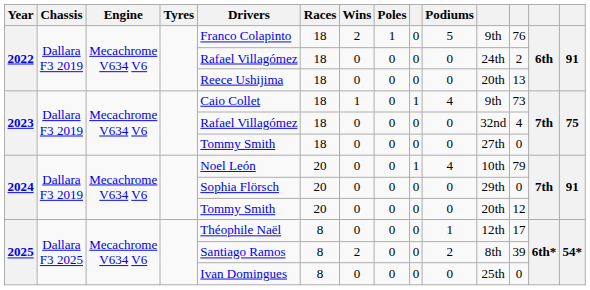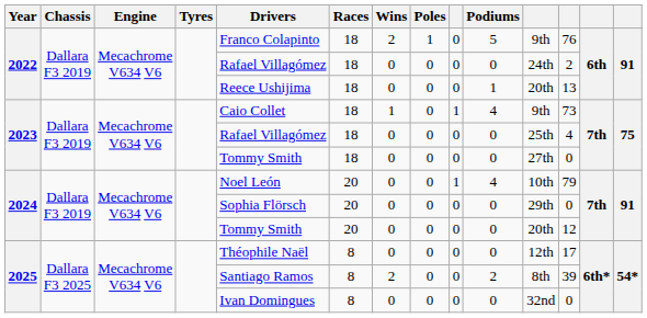 <table class="wikitable" style="text-align:center; font-size:85%">
 <tr>
 <th>Year</th>
 <th>Chassis</th>
 <th>Engine</th>
 <th>Tyres</th>
 <th>Drivers</th>
 <th>Races</th>
 <th>Wins</th>
 <th>Poles</th>
 <th></th>
 <th>Podiums</th>
 <th></th>
 <th></th>
 <th></th>
 <th></th>
 </tr>
 <tr>
 <th rowspan=3><a href='#'>2022</a></th>
 <td rowspan=3><a href='#'>Dallara</a><br><a href='#'>F3 2019</a></td>
 <td rowspan=3><a href='#'>Mecachrome</a><br><a href='#'>V634</a> <a href='#'>V6</a></td>
 <td rowspan=3></td>
 <td align=left nowrap> <a href='#'>Franco Colapinto</a></td>
 <td>18</td>
 <td>2</td>
 <td>1</td>
 <td>0</td>
 <td>5</td>
 <td>9th</td>
 <td>76</td>
 <th rowspan=3>6th</th>
 <th rowspan=3>91</th>
 </tr>
 <tr>
 <td align=left nowrap> <a href='#'>Rafael Villagómez</a></td>
 <td>18</td>
 <td>0</td>
 <td>0</td>
 <td>0</td>
 <td>0</td>
 <td>24th</td>
 <td>2</td>
 </tr>
 <tr>
 <td align=left nowrap> <a href='#'>Reece Ushijima</a></td>
 <td>18</td>
 <td>0</td>
 <td>0</td>
 <td>0</td>
-<td>0</td>
+<td>1</td>
 <td>20th</td>
 <td>13</td>
 </tr>
 <tr>
 <th rowspan=3><a href='#'>2023</a></th>
 <td rowspan=3><a href='#'>Dallara</a><br><a href='#'>F3 2019</a></td>
 <td rowspan=3><a href='#'>Mecachrome</a><br><a href='#'>V634</a> <a href='#'>V6</a></td>
 <td rowspan=3></td>
 <td align=left> <a href='#'>Caio Collet</a></td>
 <td>18</td>
 <td>1</td>
 <td>0</td>
 <td>1</td>
 <td>4</td>
 <td style="background:#;">9th</td>
 <td style="background:#;">73</td>
 <th rowspan=3 style="background:#;">7th</th>
 <th rowspan=3 style="background:#;">75</th>
 </tr>
 <tr>
 <td align=left> <a href='#'>Rafael Villagómez</a></td>
 <td>18</td>
 <td>0</td>
 <td>0</td>
 <td>0</td>
 <td>0</td>
-<td style="background:#;">32nd</td>
+<td style="background:#;">25th</td>
 <td style="background:#;">4</td>
 </tr>
 <tr>
 <td align=left> <a href='#'>Tommy Smith</a></td>
 <td>18</td>
 <td>0</td>
 <td>0</td>
 <td>0</td>
 <td>0</td>
 <td style="background:#;">27th</td>
 <td style="background:#;">0</td>
 </tr>
 <tr>
 <th rowspan=3><a href='#'>2024</a></th>
 <td rowspan=3><a href='#'>Dallara</a><br><a href='#'>F3 2019</a></td>
 <td rowspan=3><a href='#'>Mecachrome</a><br><a href='#'>V634</a> <a href='#'>V6</a></td>
 <td rowspan=3></td>
 <td align=left> <a href='#'>Noel León</a></td>
 <td>20</td>
 <td>0</td>
 <td>0</td>
 <td>1</td>
 <td>4</td>
 <td style="background:#;">10th</td>
 <td style="background:#;">79</td>
 <th rowspan=3 style="background:#;">7th</th>
 <th rowspan=3 style="background:#;">91</th>
 </tr>
 <tr>
 <td align=left> <a href='#'>Sophia Flörsch</a></td>
 <td>20</td>
 <td>0</td>
 <td>0</td>
 <td>0</td>
 <td>0</td>
 <td style="background:#;">29th</td>
 <td style="background:#;">0</td>
 </tr>
 <tr>
 <td align=left> <a href='#'>Tommy Smith</a></td>
 <td>20</td>
 <td>0</td>
 <td>0</td>
 <td>0</td>
 <td>0</td>
 <td style="background:#;">20th</td>
 <td style="background:#;">12</td>
 </tr>
 <tr>
 <th rowspan=3><a href='#'>2025</a></th>
 <td rowspan=3><a href='#'>Dallara</a><br><a href='#'>F3 2025</a></td>
 <td rowspan=3><a href='#'>Mecachrome</a><br><a href='#'>V634</a> <a href='#'>V6</a></td>
 <td rowspan=3></td>
 <td align=left> <a href='#'>Théophile Naël</a></td>
 <td>8</td>
 <td>0</td>
 <td>0</td>
 <td>0</td>
-<td>1</td>
+<td>0</td>
 <td style="background:#;">12th</td>
 <td style="background:#;">17</td>
 <th rowspan=3 style="background:#;">6th*</th>
 <th rowspan=3 style="background:#;">54*</th>
 </tr>
 <tr>
 <td align=left> <a href='#'>Santiago Ramos</a></td>
 <td>8</td>
 <td>2</td>
 <td>0</td>
 <td>0</td>
 <td>2</td>
 <td style="background:#;">8th</td>
 <td style="background:#;">39</td>
 </tr>
 <tr>
 <td align=left> <a href='#'>Ivan Domingues</a></td>
 <td>8</td>
 <td>0</td>
 <td>0</td>
 <td>0</td>
 <td>0</td>
-<td style="background:#;">25th</td>
+<td style="background:#;">32nd</td>
 <td style="background:#;">0</td>
 </tr>
 </table>
